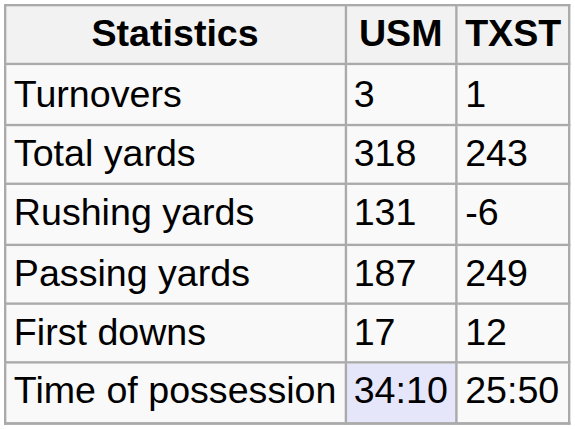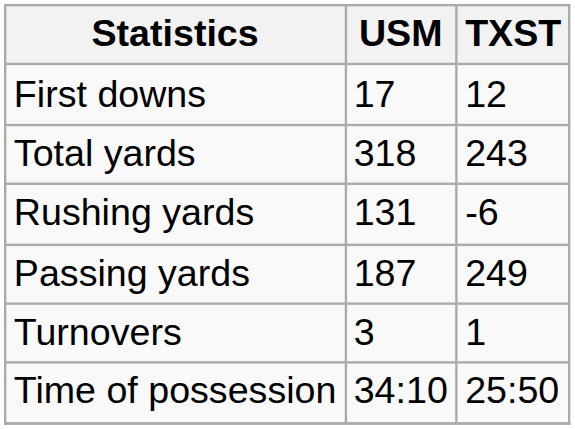 <table class="wikitable">
 <tr>
 <th>Statistics</th>
 <th>USM</th>
 <th>TXST</th>
 </tr>
 <tr>
-<td>Turnovers</td>
-<td>3</td>
-<td>1</td>
+<td>First downs</td>
+<td>17</td>
+<td>12</td>
 </tr>
 <tr>
 <td>Total yards</td>
 <td>318</td>
 <td>243</td>
 </tr>
 <tr>
 <td>Rushing yards</td>
 <td>131</td>
 <td>-6</td>
 </tr>
 <tr>
 <td>Passing yards</td>
 <td>187</td>
 <td>249</td>
 </tr>
 <tr>
-<td>First downs</td>
-<td>17</td>
-<td>12</td>
+<td>Turnovers</td>
+<td>3</td>
+<td>1</td>
 </tr>
 <tr>
 <td>Time of possession</td>
-<td style="background: lavender;">34:10</td>
+<td>34:10</td>
 <td>25:50</td>
 </tr>
 <tr>
 </tr>
 </table>
